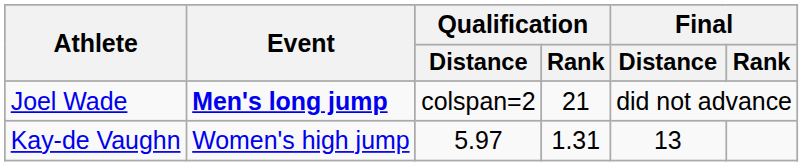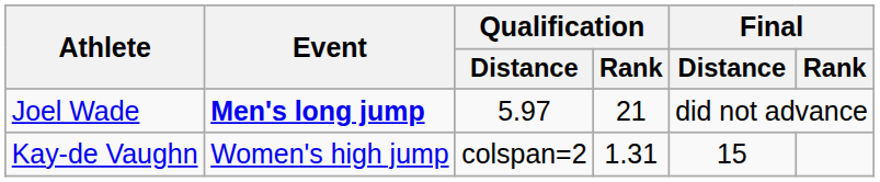 <table class=wikitable style="font-size:90%">
 <tr>
 <th rowspan="2">Athlete</th>
 <th rowspan="2">Event</th>
 <th colspan="2">Qualification</th>
 <th colspan="2">Final</th>
 </tr>
 <tr style="font-size:95%">
 <th>Distance</th>
 <th>Rank</th>
 <th>Distance</th>
 <th>Rank</th>
 </tr>
 <tr align=center>
 <td align=left><a href='#'>Joel Wade</a></td>
 <td align=left><strong><a href='#'>Men's long jump</a></strong></td>
-<td>colspan=2 </td>
+<td>5.97</td>
 <td>21</td>
 <td colspan=2>did not advance</td>
 </tr>
 <tr align=center>
 <td align=left><a href='#'>Kay-de Vaughn</a></td>
 <td align=left><a href='#'>Women's high jump</a></td>
-<td>5.97</td>
+<td>colspan=2 </td>
 <td>1.31</td>
-<td>13</td>
+<td>15</td>
 </tr>
 </table>
